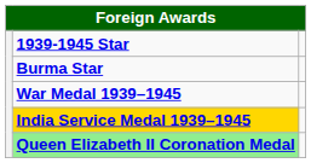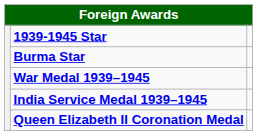 <table class="wikitable">
 <tr>
 <th colspan="3" style="background:#006400; color:#FFFFFF; text-align:center"><strong>Foreign Awards</strong></th>
 </tr>
 <tr>
 <th rowspan="5"><strong></strong></th>
 <td><strong><a href='#'>1939-1945 Star</a></strong></td>
 <td></td>
 </tr>
 <tr>
 <td><strong><a href='#'>Burma Star</a></strong></td>
 <td></td>
 </tr>
 <tr>
 <td><strong><a href='#'>War Medal 1939–1945</a></strong></td>
 <td></td>
 </tr>
 <tr>
-<td style="background: gold;"><a href='#'><strong>India Service Medal 1939–1945</strong></a></td>
+<td><a href='#'><strong>India Service Medal 1939–1945</strong></a></td>
 <td></td>
 </tr>
 <tr>
-<td style="background: lightgreen;"><strong><a href='#'>Queen Elizabeth II Coronation Medal</a></strong></td>
+<td><strong><a href='#'>Queen Elizabeth II Coronation Medal</a></strong></td>
 <td></td>
 </tr>
 </table>
